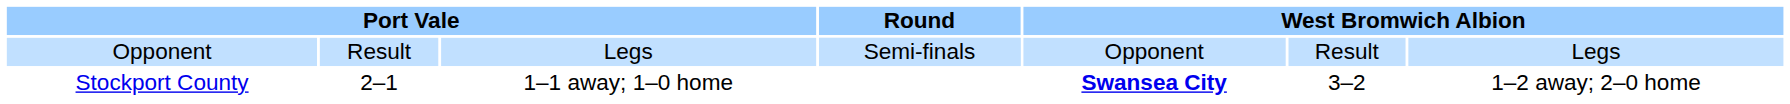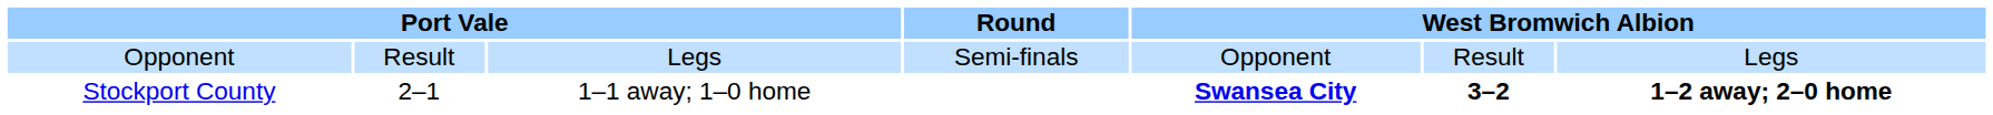 <table width="100%" bgcolor=white>
 <tr valign=top bgcolor=#99ccff>
 <th colspan=3 style="width:1*"><strong>Port Vale</strong></th>
 <th><strong>Round</strong></th>
 <th colspan=3 style="width:1*"><strong>West Bromwich Albion</strong></th>
 </tr>
 <tr valign=top align="center" bgcolor=#c1e0ff>
 <td>Opponent</td>
 <td>Result</td>
 <td>Legs</td>
 <td bgcolor=#c1e0ff>Semi-finals</td>
 <td>Opponent</td>
 <td>Result</td>
 <td>Legs</td>
 </tr>
 <tr align="center">
 <td><a href='#'>Stockport County</a></td>
 <td>2–1</td>
 <td>1–1 away; 1–0 home</td>
 <td></td>
 <td><strong><a href='#'>Swansea City</a></strong></td>
-<td>3–2</td>
-<td>1–2 away; 2–0 home</td>
+<td><strong>3–2</strong></td>
+<td><strong>1–2 away; 2–0 home</strong></td>
 </tr>
 </table>
